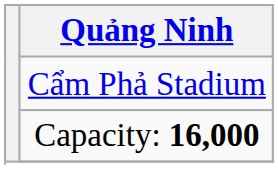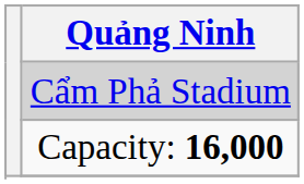 <table class="wikitable" style="text-align:center">
 <tr>
 <th rowspan="4"></th>
 <th><a href='#'>Quảng Ninh</a></th>
 </tr>
 <tr>
-<td><a href='#'>Cẩm Phả Stadium</a></td>
+<td style="background: lightgrey;"><a href='#'>Cẩm Phả Stadium</a></td>
 </tr>
 <tr>
 <td>Capacity: <strong>16,000</strong></td>
 </tr>
 <tr>
 </tr>
 </table>
